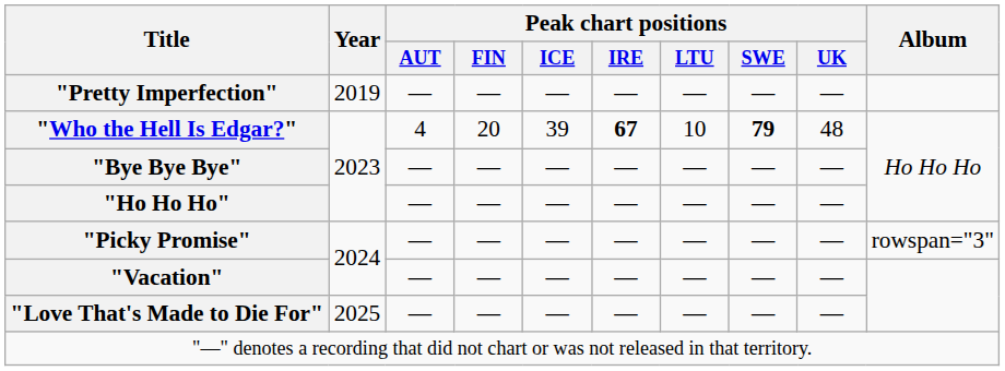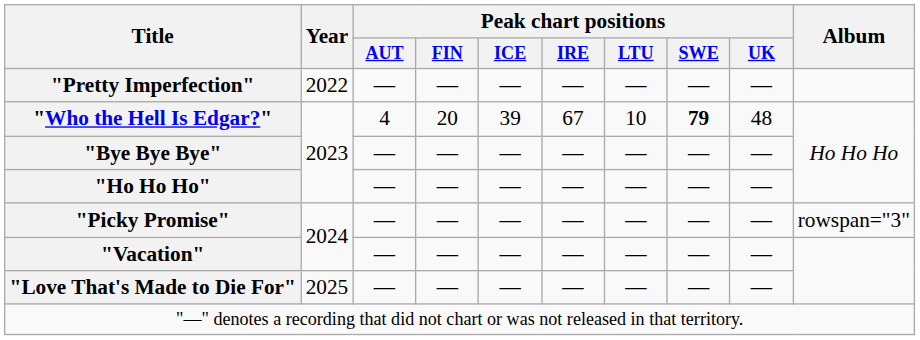 <table class="wikitable plainrowheaders" style="text-align:center">
 <tr>
 <th scope="col" rowspan="2">Title</th>
 <th scope="col" rowspan="2">Year</th>
 <th scope="col" colspan="7">Peak chart positions</th>
 <th scope="col" rowspan="2">Album</th>
 </tr>
 <tr>
 <th scope="col" style="width:3em;font-size:85%;"><a href='#'>AUT</a><br></th>
 <th scope="col" style="width:3em;font-size:85%;"><a href='#'>FIN</a><br></th>
 <th scope="col" style="width:3em;font-size:85%;"><a href='#'>ICE</a><br></th>
 <th scope="col" style="width:3em;font-size:85%;"><a href='#'>IRE</a><br></th>
 <th scope="col" style="width:3em;font-size:85%;"><a href='#'>LTU</a><br></th>
 <th scope="col" style="width:3em;font-size:85%;"><a href='#'>SWE</a><br></th>
 <th scope="col" style="width:3em;font-size:85%;"><a href='#'>UK</a><br></th>
 </tr>
 <tr>
 <th scope="row">"Pretty Imperfection"</th>
-<td>2019</td>
+<td>2022</td>
 <td>—</td>
 <td>—</td>
 <td>—</td>
 <td>—</td>
 <td>—</td>
 <td>—</td>
 <td>—</td>
 <td></td>
 </tr>
 <tr>
 <th scope="row">"<a href='#'>Who the Hell Is Edgar?</a>"<br></th>
 <td rowspan="3">2023</td>
 <td>4</td>
 <td>20</td>
 <td>39</td>
-<td><strong>67</strong></td>
+<td>67</td>
 <td>10</td>
 <td><strong>79</strong></td>
 <td>48</td>
 <td rowspan="3"><em>Ho Ho Ho</em></td>
 </tr>
 <tr>
 <th scope="row">"Bye Bye Bye"<br></th>
 <td>—</td>
 <td>—</td>
 <td>—</td>
 <td>—</td>
 <td>—</td>
 <td>—</td>
 <td>—</td>
 </tr>
 <tr>
 <th scope="row">"Ho Ho Ho"<br></th>
 <td>—</td>
 <td>—</td>
 <td>—</td>
 <td>—</td>
 <td>—</td>
 <td>—</td>
 <td>—</td>
 </tr>
 <tr>
 <th scope="row">"Picky Promise"</th>
 <td rowspan="2">2024</td>
 <td>—</td>
 <td>—</td>
 <td>—</td>
 <td>—</td>
 <td>—</td>
 <td>—</td>
 <td>—</td>
 <td>rowspan="3" </td>
 </tr>
 <tr>
 <th scope="row">"Vacation"</th>
 <td>—</td>
 <td>—</td>
 <td>—</td>
 <td>—</td>
 <td>—</td>
 <td>—</td>
 <td>—</td>
 </tr>
 <tr>
 <th scope="row">"Love That's Made to Die For"</th>
 <td>2025</td>
 <td>—</td>
 <td>—</td>
 <td>—</td>
 <td>—</td>
 <td>—</td>
 <td>—</td>
 <td>—</td>
 </tr>
 <tr>
 <td colspan="15" style="font-size:85%">"—" denotes a recording that did not chart or was not released in that territory.</td>
 </tr>
 </table>
